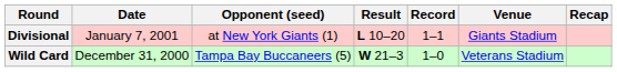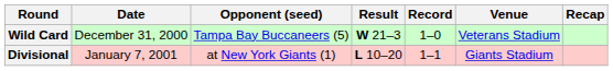 <table class="wikitable" style="text-align:center">
 <tr>
 <th>Round</th>
 <th>Date</th>
 <th>Opponent (seed)</th>
 <th>Result</th>
 <th>Record</th>
 <th>Venue</th>
 <th>Recap</th>
 </tr>
+<tr style="background:#cfc">
+<th>Wild Card</th>
+<td>December 31, 2000</td>
+<td><a href='#'>Tampa Bay Buccaneers</a> (5)</td>
+<td><strong>W</strong> 21–3</td>
+<td>1–0</td>
+<td><a href='#'>Veterans Stadium</a></td>
+<td></td>
+</tr>
 <tr style="background:#fcc">
 <th>Divisional</th>
 <td>January 7, 2001</td>
 <td>at <a href='#'>New York Giants</a> (1)</td>
 <td><strong>L</strong> 10–20</td>
 <td>1–1</td>
 <td><a href='#'>Giants Stadium</a></td>
 <td></td>
 </tr>
-<tr style="background:#cfc">
-<th>Wild Card</th>
-<td>December 31, 2000</td>
-<td><a href='#'>Tampa Bay Buccaneers</a> (5)</td>
-<td><strong>W</strong> 21–3</td>
-<td>1–0</td>
-<td><a href='#'>Veterans Stadium</a></td>
-<td></td>
-</tr>
 </table>
